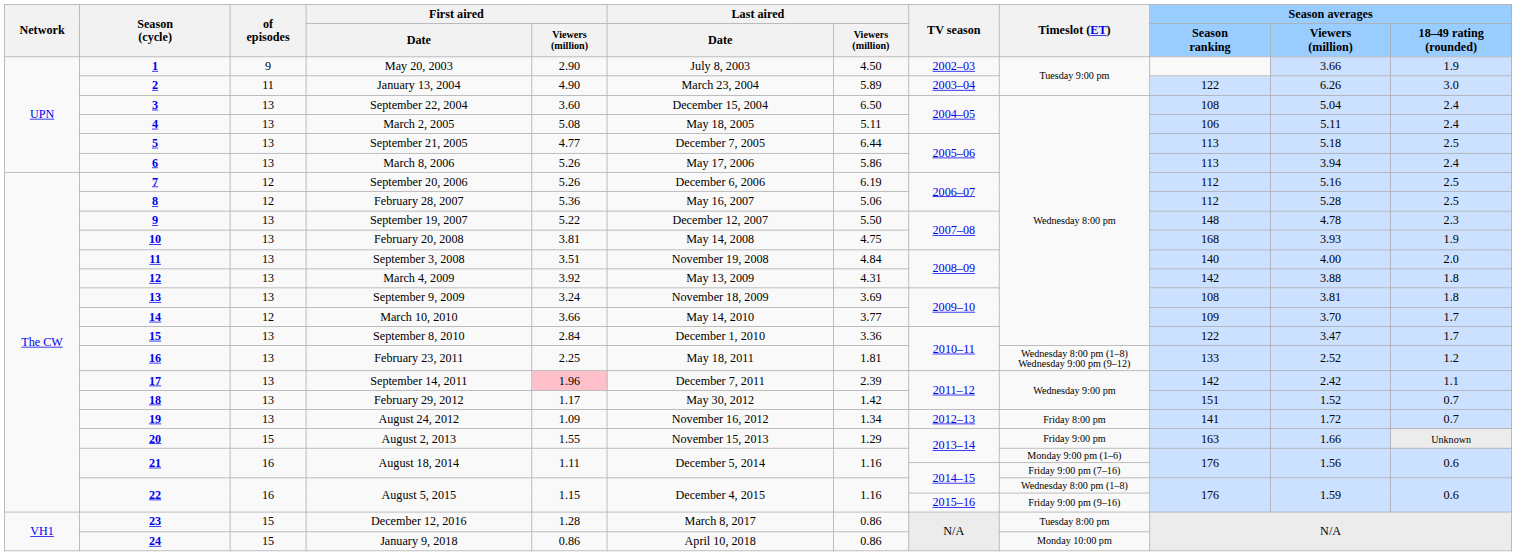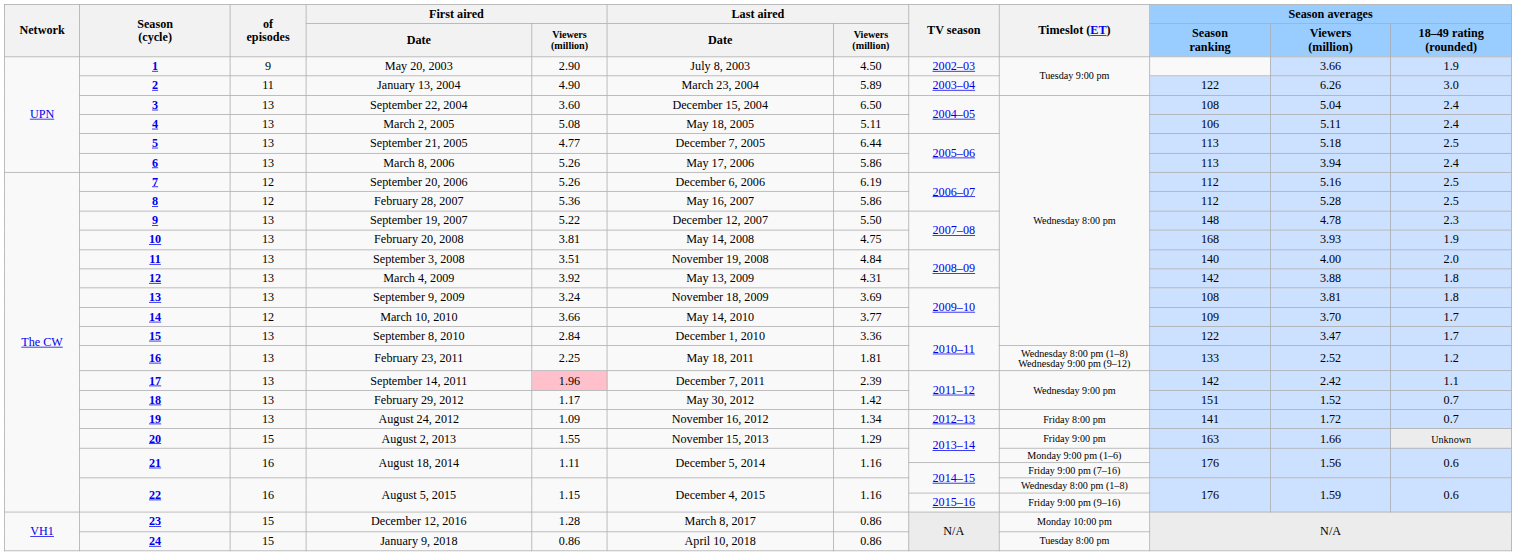 <table class="wikitable" style="text-align:center; width:100%">
 <tr>
 <th rowspan="2" style="width:5%;">Network</th>
 <th rowspan="2" style="width:10%;">Season<br>(cycle)</th>
 <th rowspan="2" style="width:5%;"> of<br>episodes</th>
 <th colspan="2" style="width:20%">First aired</th>
 <th colspan="2" style="width:20%">Last aired</th>
 <th rowspan="2" style="width:6%;">TV season</th>
 <th rowspan="2" style="width:10%">Timeslot (<a href='#'>ET</a>)</th>
 <th colspan="3" style="width:24%; background:#9cf">Season averages</th>
 </tr>
 <tr>
 <th style="width:15%">Date</th>
 <th span style="width:5%; font-size:smaller; font-weight:bold; line-height:100%;">Viewers<br>(million)</th>
 <th style="width:15%">Date</th>
 <th span style="width:5%; font-size:smaller; font-weight:bold; line-height:100%;">Viewers<br>(million)</th>
 <th style="width:8%; background:#9cf">Season<br>ranking</th>
 <th style="width:8%; background:#9cf">Viewers <br>(million)</th>
 <th style="width:8%; background:#9cf">18–49 rating<br>(rounded)</th>
 </tr>
 <tr>
 <td rowspan="6"><a href='#'>UPN</a></td>
 <td><strong><a href='#'>1</a></strong></td>
 <td>9</td>
 <td>May 20, 2003</td>
 <td>2.90</td>
 <td>July 8, 2003</td>
 <td>4.50</td>
 <td><a href='#'>2002–03</a></td>
 <td rowspan="2" style="font-size: smaller; line-height: 100%">Tuesday 9:00 pm</td>
 <td></td>
 <td style="background:#cce0ff;">3.66</td>
 <td style="background:#cce0ff;">1.9</td>
 </tr>
 <tr>
 <td><strong><a href='#'>2</a></strong></td>
 <td>11</td>
 <td>January 13, 2004</td>
 <td>4.90</td>
 <td>March 23, 2004</td>
 <td>5.89</td>
 <td><a href='#'>2003–04</a></td>
 <td style="background:#cce0ff;">122</td>
 <td style="background:#cce0ff;">6.26</td>
 <td style="background:#cce0ff;">3.0</td>
 </tr>
 <tr>
 <td><strong><a href='#'>3</a></strong></td>
 <td>13</td>
 <td>September 22, 2004</td>
 <td>3.60</td>
 <td>December 15, 2004</td>
 <td>6.50</td>
 <td rowspan="2"><a href='#'>2004–05</a></td>
 <td rowspan="13" style="font-size: smaller; line-height: 100%">Wednesday 8:00 pm</td>
 <td style="background:#cce0ff;">108</td>
 <td style="background:#cce0ff;">5.04</td>
 <td style="background:#cce0ff;">2.4</td>
 </tr>
 <tr>
 <td><strong><a href='#'>4</a></strong></td>
 <td>13</td>
 <td>March 2, 2005</td>
 <td>5.08</td>
 <td>May 18, 2005</td>
 <td>5.11</td>
 <td style="background:#cce0ff;">106</td>
 <td style="background:#cce0ff;">5.11</td>
 <td style="background:#cce0ff;">2.4</td>
 </tr>
 <tr>
 <td><strong><a href='#'>5</a></strong></td>
 <td>13</td>
 <td>September 21, 2005</td>
 <td>4.77</td>
 <td>December 7, 2005</td>
 <td>6.44</td>
 <td rowspan="2"><a href='#'>2005–06</a></td>
 <td style="background:#cce0ff;">113</td>
 <td style="background:#cce0ff;">5.18</td>
 <td style="background:#cce0ff;">2.5</td>
 </tr>
 <tr>
 <td><strong><a href='#'>6</a></strong></td>
 <td>13</td>
 <td>March 8, 2006</td>
 <td>5.26</td>
 <td>May 17, 2006</td>
 <td>5.86</td>
 <td style="background:#cce0ff;">113</td>
 <td style="background:#cce0ff;">3.94</td>
 <td style="background:#cce0ff;">2.4</td>
 </tr>
 <tr>
 <td rowspan="19"><a href='#'>The CW</a></td>
 <td><strong><a href='#'>7</a></strong></td>
 <td>12</td>
 <td>September 20, 2006</td>
 <td>5.26</td>
 <td>December 6, 2006</td>
 <td>6.19</td>
 <td rowspan="2"><a href='#'>2006–07</a></td>
 <td style="background:#cce0ff;">112</td>
 <td style="background:#cce0ff;">5.16</td>
 <td style="background:#cce0ff;">2.5</td>
 </tr>
 <tr>
 <td><strong><a href='#'>8</a></strong></td>
 <td>12</td>
 <td>February 28, 2007</td>
 <td>5.36</td>
 <td>May 16, 2007</td>
-<td>5.06</td>
+<td>5.86</td>
 <td style="background:#cce0ff;">112</td>
 <td style="background:#cce0ff;">5.28</td>
 <td style="background:#cce0ff;">2.5</td>
 </tr>
 <tr>
 <td><strong><a href='#'>9</a></strong></td>
 <td>13</td>
 <td>September 19, 2007</td>
 <td>5.22</td>
 <td>December 12, 2007</td>
 <td>5.50</td>
 <td rowspan="2"><a href='#'>2007–08</a></td>
 <td style="background:#cce0ff;">148</td>
 <td style="background:#cce0ff;">4.78</td>
 <td style="background:#cce0ff;">2.3</td>
 </tr>
 <tr>
 <td><strong><a href='#'>10</a></strong></td>
 <td>13</td>
 <td>February 20, 2008</td>
 <td>3.81</td>
 <td>May 14, 2008</td>
 <td>4.75</td>
 <td style="background:#cce0ff;">168</td>
 <td style="background:#cce0ff;">3.93</td>
 <td style="background:#cce0ff;">1.9</td>
 </tr>
 <tr>
 <td><strong><a href='#'>11</a></strong></td>
 <td>13</td>
 <td>September 3, 2008</td>
 <td>3.51</td>
 <td>November 19, 2008</td>
 <td>4.84</td>
 <td rowspan="2"><a href='#'>2008–09</a></td>
 <td style="background:#cce0ff;">140</td>
 <td style="background:#cce0ff;">4.00</td>
 <td style="background:#cce0ff;">2.0</td>
 </tr>
 <tr>
 <td><strong><a href='#'>12</a></strong></td>
 <td>13</td>
 <td>March 4, 2009</td>
 <td>3.92</td>
 <td>May 13, 2009</td>
 <td>4.31</td>
 <td style="background:#cce0ff;">142</td>
 <td style="background:#cce0ff;">3.88</td>
 <td style="background:#cce0ff;">1.8</td>
 </tr>
 <tr>
 <td><strong><a href='#'>13</a></strong></td>
 <td>13</td>
 <td>September 9, 2009</td>
 <td>3.24</td>
 <td>November 18, 2009</td>
 <td>3.69</td>
 <td rowspan="2"><a href='#'>2009–10</a></td>
 <td style="background:#cce0ff;">108</td>
 <td style="background:#cce0ff;">3.81</td>
 <td style="background:#cce0ff;">1.8</td>
 </tr>
 <tr>
 <td><strong><a href='#'>14</a></strong></td>
 <td>12</td>
 <td>March 10, 2010</td>
 <td>3.66</td>
 <td>May 14, 2010</td>
 <td>3.77</td>
 <td style="background:#cce0ff;">109</td>
 <td style="background:#cce0ff;">3.70</td>
 <td style="background:#cce0ff;">1.7</td>
 </tr>
 <tr>
 <td><strong><a href='#'>15</a></strong></td>
 <td>13</td>
 <td>September 8, 2010</td>
 <td>2.84</td>
 <td>December 1, 2010</td>
 <td>3.36</td>
 <td rowspan="2"><a href='#'>2010–11</a></td>
 <td style="background:#cce0ff;">122</td>
 <td style="background:#cce0ff;">3.47</td>
 <td style="background:#cce0ff;">1.7</td>
 </tr>
 <tr>
 <td><strong><a href='#'>16</a></strong></td>
 <td>13</td>
 <td>February 23, 2011</td>
 <td>2.25</td>
 <td>May 18, 2011</td>
 <td>1.81</td>
 <td style="font-size: smaller; line-height: 100%">Wednesday 8:00 pm (1–8)<br>Wednesday 9:00 pm (9–12)</td>
 <td style="background:#cce0ff;">133</td>
 <td style="background:#cce0ff;">2.52</td>
 <td style="background:#cce0ff;">1.2</td>
 </tr>
 <tr>
 <td><strong><a href='#'>17</a></strong></td>
 <td>13</td>
 <td>September 14, 2011</td>
 <td style="background: pink;">1.96</td>
 <td>December 7, 2011</td>
 <td>2.39</td>
 <td rowspan="2"><a href='#'>2011–12</a></td>
 <td rowspan="2" style="font-size: smaller; line-height: 100%">Wednesday 9:00 pm</td>
 <td style="background:#cce0ff;">142</td>
 <td style="background:#cce0ff;">2.42</td>
 <td style="background:#cce0ff;">1.1</td>
 </tr>
 <tr>
 <td><strong><a href='#'>18</a></strong></td>
 <td>13</td>
 <td>February 29, 2012</td>
 <td>1.17</td>
 <td>May 30, 2012</td>
 <td>1.42</td>
 <td style="background:#cce0ff;">151</td>
 <td style="background:#cce0ff;">1.52</td>
 <td style="background:#cce0ff;">0.7</td>
 </tr>
 <tr>
 <td><strong><a href='#'>19</a></strong></td>
 <td>13</td>
 <td>August 24, 2012</td>
 <td>1.09</td>
 <td>November 16, 2012</td>
 <td>1.34</td>
 <td rowspan="2"><a href='#'>2012–13</a></td>
 <td style="font-size: smaller; line-height: 100%">Friday 8:00 pm</td>
 <td style="background:#cce0ff;">141</td>
 <td style="background:#cce0ff;">1.72</td>
 <td style="background:#cce0ff;">0.7</td>
 </tr>
 <tr>
 <td rowspan="2"><strong><a href='#'>20</a></strong></td>
 <td rowspan="2">15</td>
 <td rowspan="2">August 2, 2013</td>
 <td rowspan="2">1.55</td>
 <td rowspan="2">November 15, 2013</td>
 <td rowspan="2">1.29</td>
 <td rowspan="2" style="font-size: smaller; line-height: 100%">Friday 9:00 pm</td>
 <td rowspan="2" style="background:#cce0ff;">163</td>
 <td rowspan="2" style="background:#cce0ff;">1.66</td>
 <td rowspan="2" style="background:#ECECEC;"><small>Unknown</small></td>
 </tr>
 <tr>
 <td rowspan="2"><a href='#'>2013–14</a></td>
 </tr>
 <tr>
 <td rowspan="2"><strong><a href='#'>21</a></strong></td>
 <td rowspan="2">16</td>
 <td rowspan="2">August 18, 2014</td>
 <td rowspan="2">1.11</td>
 <td rowspan="2">December 5, 2014</td>
 <td rowspan="2">1.16</td>
 <td style="font-size: smaller; line-height: 100%">Monday 9:00 pm (1–6)</td>
 <td rowspan="2" style="background:#cce0ff;">176</td>
 <td rowspan="2" style="background:#cce0ff;">1.56</td>
 <td rowspan="2" style="background:#cce0ff;">0.6</td>
 </tr>
 <tr>
 <td rowspan="2"><a href='#'>2014–15</a></td>
 <td style="font-size: smaller; line-height: 100%">Friday 9:00 pm (7–16)</td>
 </tr>
 <tr>
 <td rowspan="2"><strong><a href='#'>22</a></strong></td>
 <td rowspan="2">16</td>
 <td rowspan="2">August 5, 2015</td>
 <td rowspan="2">1.15</td>
 <td rowspan="2">December 4, 2015</td>
 <td rowspan="2">1.16</td>
 <td style="font-size: smaller; line-height: 100%">Wednesday 8:00 pm (1–8)</td>
 <td rowspan="2" style="background:#cce0ff;">176</td>
 <td rowspan="2" style="background:#cce0ff;">1.59</td>
 <td rowspan="2" style="background:#cce0ff;">0.6</td>
 </tr>
 <tr>
 <td><a href='#'>2015–16</a></td>
 <td style="font-size: smaller; line-height: 100%">Friday 9:00 pm (9–16)</td>
 </tr>
 <tr>
 <td rowspan="2"><a href='#'>VH1</a></td>
 <td><strong><a href='#'>23</a></strong></td>
 <td>15</td>
 <td>December 12, 2016</td>
 <td>1.28</td>
 <td>March 8, 2017</td>
 <td>0.86</td>
 <td rowspan="2" style="background:#ECECEC;">N/A</td>
-<td style="font-size: smaller; line-height: 100%">Tuesday 8:00 pm</td>
+<td style="font-size: smaller; line-height: 100%">Monday 10:00 pm</td>
 <td rowspan="2" colspan="3" style="background:#ECECEC;">N/A</td>
 </tr>
 <tr>
 <td><strong><a href='#'>24</a></strong></td>
 <td>15</td>
 <td>January 9, 2018</td>
 <td>0.86</td>
 <td>April 10, 2018</td>
 <td>0.86</td>
-<td style="font-size: smaller; line-height: 100%">Monday 10:00 pm</td>
+<td style="font-size: smaller; line-height: 100%">Tuesday 8:00 pm</td>
 </tr>
 </table>
